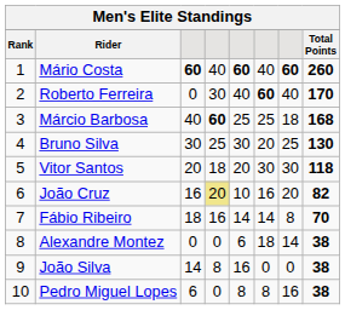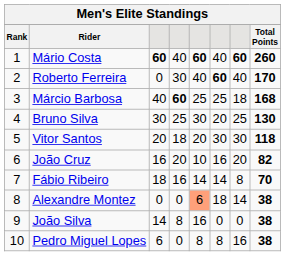 <table class="wikitable sortable">
 <tr>
 <th colspan=27 align="center">Men's Elite Standings</th>
 </tr>
 <tr>
 </tr>
 <tr style="font-size:8pt;font-weight:bold">
 <th align="center">Rank</th>
 <th align="center">Rider</th>
 <th class=unsortable style="background:#E5E4E2;"><small></small></th>
 <th class=unsortable style="background:#E5E4E2;"><small></small></th>
 <th class=unsortable style="background:#E5E4E2;"><small></small></th>
 <th class=unsortable style="background:#E5E4E2;"><small></small></th>
 <th class=unsortable style="background:#E5E4E2;"><small></small></th>
 <th align="center">Total<br>Points</th>
 </tr>
 <tr>
 <td align=center>1</td>
 <td> <a href='#'>Mário Costa</a></td>
 <td align=center><strong>60</strong></td>
 <td align=center>40</td>
 <td align=center><strong>60</strong></td>
 <td align=center>40</td>
 <td align=center><strong>60</strong></td>
 <td align=center><strong>260</strong></td>
 </tr>
 <tr>
 <td align=center>2</td>
 <td> <a href='#'>Roberto Ferreira</a></td>
 <td align=center>0</td>
 <td align=center>30</td>
 <td align=center>40</td>
 <td align=center><strong>60</strong></td>
 <td align=center>40</td>
 <td align=center><strong>170</strong></td>
 </tr>
 <tr>
 <td align=center>3</td>
 <td> <a href='#'>Márcio Barbosa</a></td>
 <td align=center>40</td>
 <td align=center><strong>60</strong></td>
 <td align=center>25</td>
 <td align=center>25</td>
 <td align=center>18</td>
 <td align=center><strong>168</strong></td>
 </tr>
 <tr>
 <td align=center>4</td>
 <td> <a href='#'>Bruno Silva</a></td>
 <td align=center>30</td>
 <td align=center>25</td>
 <td align=center>30</td>
 <td align=center>20</td>
 <td align=center>25</td>
 <td align=center><strong>130</strong></td>
 </tr>
 <tr>
 <td align=center>5</td>
 <td> <a href='#'>Vitor Santos</a></td>
 <td align=center>20</td>
 <td align=center>18</td>
 <td align=center>20</td>
 <td align=center>30</td>
 <td align=center>30</td>
 <td align=center><strong>118</strong></td>
 </tr>
 <tr>
 <td align=center>6</td>
 <td> <a href='#'>João Cruz</a></td>
 <td align=center>16</td>
-<td align=center style="background: khaki;">20</td>
+<td align=center>20</td>
 <td align=center>10</td>
 <td align=center>16</td>
 <td align=center>20</td>
 <td align=center><strong>82</strong></td>
 </tr>
 <tr>
 <td align=center>7</td>
 <td> <a href='#'>Fábio Ribeiro</a></td>
 <td align=center>18</td>
 <td align=center>16</td>
 <td align=center>14</td>
 <td align=center>14</td>
 <td align=center>8</td>
 <td align=center><strong>70</strong></td>
 </tr>
 <tr>
 <td align=center>8</td>
 <td> <a href='#'>Alexandre Montez</a></td>
 <td align=center>0</td>
 <td align=center>0</td>
-<td align=center>6</td>
+<td align=center style="background: lightsalmon;">6</td>
 <td align=center>18</td>
 <td align=center>14</td>
 <td align=center><strong>38</strong></td>
 </tr>
 <tr>
 <td align=center>9</td>
 <td> <a href='#'>João Silva</a></td>
 <td align=center>14</td>
 <td align=center>8</td>
 <td align=center>16</td>
 <td align=center>0</td>
 <td align=center>0</td>
 <td align=center><strong>38</strong></td>
 </tr>
 <tr>
 <td align=center>10</td>
 <td> <a href='#'>Pedro Miguel Lopes</a></td>
 <td align=center>6</td>
 <td align=center>0</td>
 <td align=center>8</td>
 <td align=center>8</td>
 <td align=center>16</td>
 <td align=center><strong>38</strong></td>
 </tr>
 </table>
